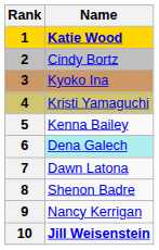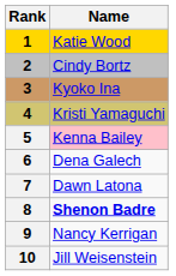 <table class="wikitable">
 <tr>
 <th>Rank</th>
 <th>Name</th>
 </tr>
 <tr bgcolor="gold">
 <td align="center"><strong>1</strong></td>
-<td><strong><a href='#'>Katie Wood</a></strong></td>
+<td><a href='#'>Katie Wood</a></td>
 </tr>
 <tr bgcolor="silver">
 <td align="center"><strong>2</strong></td>
 <td><a href='#'>Cindy Bortz</a></td>
 </tr>
 <tr bgcolor="cc9966">
 <td align="center"><strong>3</strong></td>
 <td><a href='#'>Kyoko Ina</a></td>
 </tr>
 <tr bgcolor="#d1c571">
 <td align="center"><strong>4</strong></td>
 <td><a href='#'>Kristi Yamaguchi</a></td>
 </tr>
 <tr>
 <th>5</th>
-<td><a href='#'>Kenna Bailey</a></td>
+<td style="background: pink;"><a href='#'>Kenna Bailey</a></td>
 </tr>
 <tr>
 <th>6</th>
-<td style="background: paleturquoise;"><a href='#'>Dena Galech</a></td>
+<td><a href='#'>Dena Galech</a></td>
 </tr>
 <tr>
 <th>7</th>
 <td><a href='#'>Dawn Latona</a></td>
 </tr>
 <tr>
 <th>8</th>
-<td><a href='#'>Shenon Badre</a></td>
+<td><strong><a href='#'>Shenon Badre</a></strong></td>
 </tr>
 <tr>
 <th>9</th>
 <td><a href='#'>Nancy Kerrigan</a></td>
 </tr>
 <tr>
 <th>10</th>
-<td><strong><a href='#'>Jill Weisenstein</a></strong></td>
+<td><a href='#'>Jill Weisenstein</a></td>
 </tr>
 </table>
